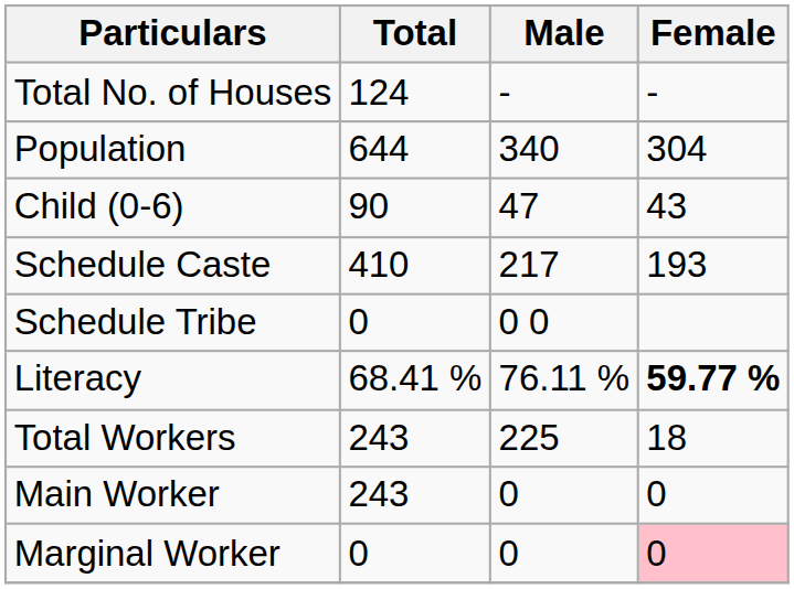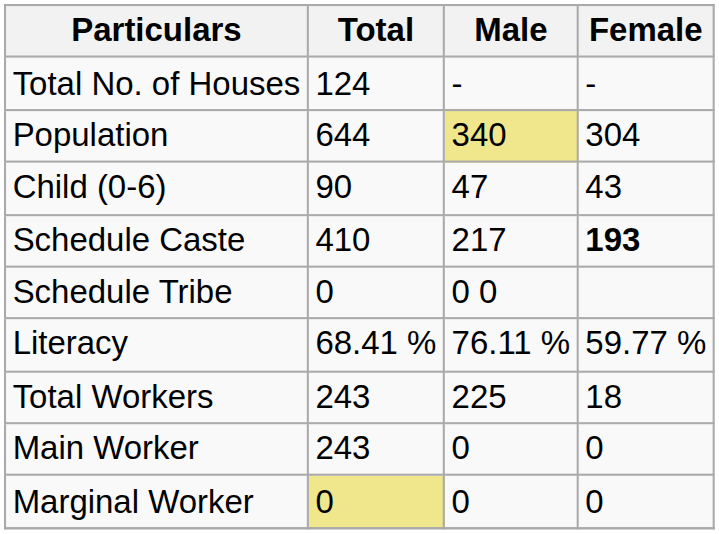 <table class="wikitable sortable">
 <tr>
 <th>Particulars</th>
 <th>Total</th>
 <th>Male</th>
 <th>Female</th>
 </tr>
 <tr>
 <td>Total No. of Houses</td>
 <td>124</td>
 <td>-</td>
 <td>-</td>
 </tr>
 <tr>
 <td>Population</td>
 <td>644</td>
-<td>340</td>
+<td style="background: khaki;">340</td>
 <td>304</td>
 </tr>
 <tr>
 <td>Child (0-6)</td>
 <td>90</td>
 <td>47</td>
 <td>43</td>
 </tr>
 <tr>
 <td>Schedule Caste</td>
 <td>410</td>
 <td>217</td>
-<td>193</td>
+<td><strong>193</strong></td>
 </tr>
 <tr>
 <td>Schedule Tribe</td>
 <td>0</td>
 <td>0 	0</td>
 </tr>
 <tr>
 <td>Literacy</td>
 <td>68.41 %</td>
 <td>76.11 %</td>
-<td><strong>59.77 %</strong></td>
+<td>59.77 %</td>
 </tr>
 <tr>
 <td>Total Workers</td>
 <td>243</td>
 <td>225</td>
 <td>18</td>
 </tr>
 <tr>
 <td>Main Worker</td>
 <td>243</td>
 <td>0</td>
 <td>0</td>
 </tr>
 <tr>
 <td>Marginal Worker</td>
+<td style="background: khaki;">0</td>
 <td>0</td>
 <td>0</td>
-<td style="background: pink;">0</td>
 </tr>
 <tr>
 </tr>
 </table>
